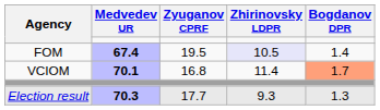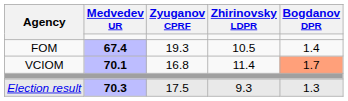 <table class=wikitable style="text-align:center; font-size:90%; line-height:14px">
 <tr>
 <th rowspan=2>Agency</th>
 <th><a href='#'>Medvedev</a><br><small><a href='#'>UR</a></small></th>
 <th><a href='#'>Zyuganov</a><br><small><a href='#'>CPRF</a></small></th>
 <th><a href='#'>Zhirinovsky</a><br><small><a href='#'>LDPR</a></small></th>
 <th><a href='#'>Bogdanov</a><br><small><a href='#'>DPR</a></small></th>
 </tr>
 <tr>
 <td></td>
 <td></td>
 <td></td>
 <td></td>
 </tr>
 <tr>
 <td>FOM</td>
 <th style="background:#BDBDFF">67.4</th>
-<td>19.5</td>
-<td style="background: lavender;">10.5</td>
+<td>19.3</td>
+<td>10.5</td>
 <td>1.4</td>
 </tr>
 <tr>
 <td>VCIOM</td>
 <th style="background:#BDBDFF">70.1</th>
 <td>16.8</td>
 <td>11.4</td>
 <td style="background: lightsalmon;">1.7</td>
 </tr>
 <tr>
 <td colspan="10" style="background:#A0A0A0"></td>
 </tr>
 <tr style="background-color:#E9E9E9">
 <td><em><a href='#'>Election result</a></em></td>
 <th style="background:#BDBDFF">70.3</th>
-<td>17.7</td>
+<td>17.5</td>
 <td>9.3</td>
 <td>1.3</td>
 </tr>
 </table>
